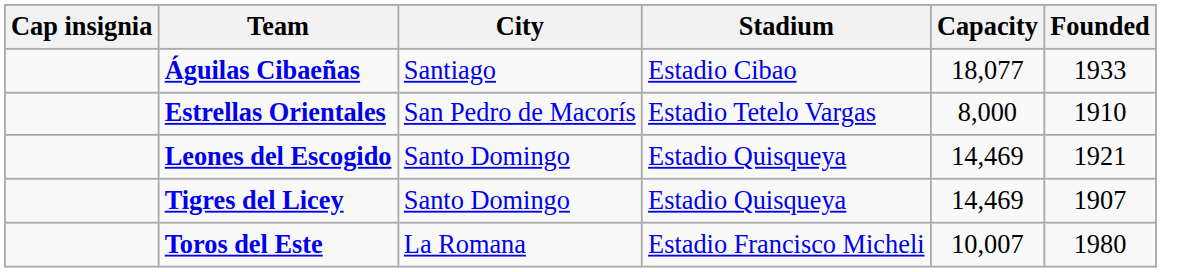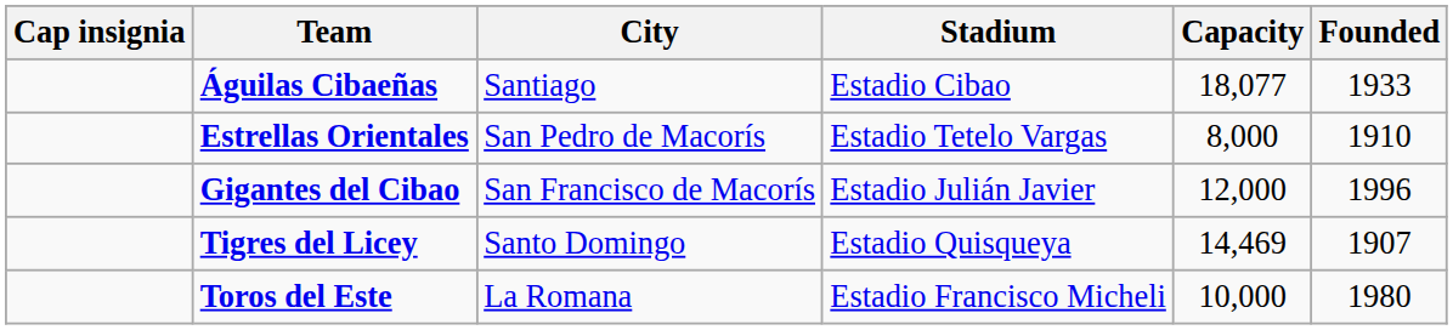 <table class="wikitable sortable" style="font-size:90%">
 <tr>
 <th>Cap insignia</th>
 <th>Team</th>
 <th>City</th>
 <th>Stadium</th>
 <th>Capacity</th>
 <th>Founded</th>
 </tr>
 <tr>
 <td></td>
 <td><strong><a href='#'>Águilas Cibaeñas</a></strong></td>
 <td><a href='#'>Santiago</a></td>
 <td><a href='#'>Estadio Cibao</a></td>
 <td style="text-align:center;">18,077</td>
 <td style="text-align:center;">1933</td>
 </tr>
 <tr>
 <td></td>
 <td><strong><a href='#'>Estrellas Orientales</a></strong></td>
 <td><a href='#'>San Pedro de Macorís</a></td>
 <td><a href='#'>Estadio Tetelo Vargas</a></td>
 <td style="text-align:center;">8,000</td>
 <td style="text-align:center;">1910</td>
 </tr>
 <tr>
 <td></td>
-<td><strong><a href='#'>Leones del Escogido</a></strong></td>
-<td><a href='#'>Santo Domingo</a></td>
-<td><a href='#'>Estadio Quisqueya</a></td>
-<td style="text-align:center;">14,469</td>
-<td style="text-align:center;">1921</td>
+<td><strong><a href='#'>Gigantes del Cibao</a></strong></td>
+<td><a href='#'>San Francisco de Macorís</a></td>
+<td><a href='#'>Estadio Julián Javier</a></td>
+<td style="text-align:center;">12,000</td>
+<td style="text-align:center;">1996</td>
 </tr>
 <tr>
 <td></td>
 <td><strong><a href='#'>Tigres del Licey</a></strong></td>
 <td><a href='#'>Santo Domingo</a></td>
 <td><a href='#'>Estadio Quisqueya</a></td>
 <td style="text-align:center;">14,469</td>
 <td style="text-align:center;">1907</td>
 </tr>
 <tr>
 <td></td>
 <td><strong><a href='#'>Toros del Este</a></strong></td>
 <td><a href='#'>La Romana</a></td>
 <td><a href='#'>Estadio Francisco Micheli</a></td>
-<td style="text-align:center;">10,007</td>
+<td style="text-align:center;">10,000</td>
 <td style="text-align:center;">1980</td>
 </tr>
 </table>
